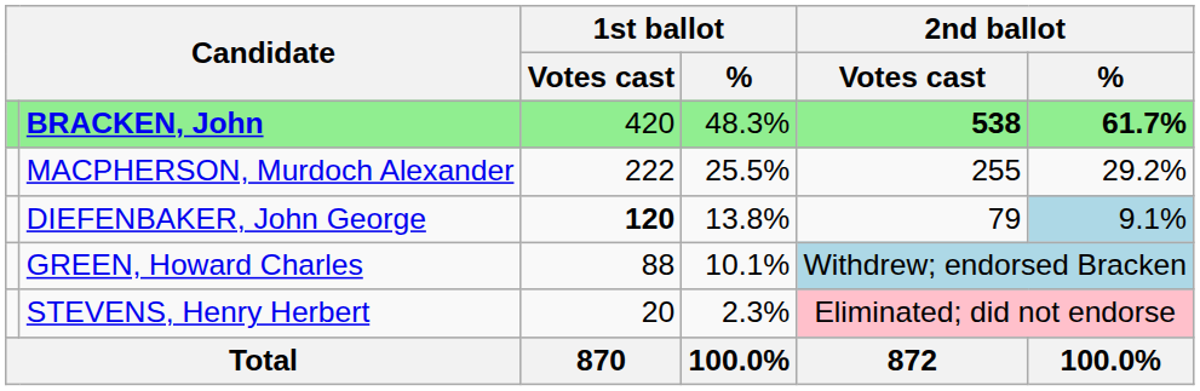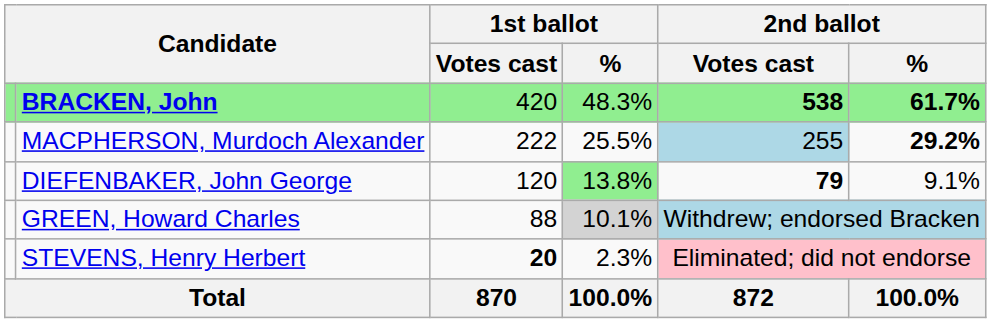 <table class="wikitable">
 <tr>
 <th rowspan="2" colspan="2">Candidate</th>
 <th colspan="2">1st ballot</th>
 <th colspan="2">2nd ballot</th>
 </tr>
 <tr>
 <th>Votes cast</th>
 <th>%</th>
 <th>Votes cast</th>
 <th>%</th>
 </tr>
 <tr style="background:lightgreen;">
 <td></td>
 <td><strong><a href='#'>BRACKEN, John</a></strong></td>
 <td align="right">420</td>
 <td align="right">48.3%</td>
 <td align="right"><strong>538</strong></td>
 <td align="right"><strong>61.7%</strong></td>
 </tr>
 <tr>
 <td></td>
 <td><a href='#'>MACPHERSON, Murdoch Alexander</a></td>
 <td align="right">222</td>
 <td align="right">25.5%</td>
-<td align="right">255</td>
-<td align="right">29.2%</td>
+<td align="right" style="background: lightblue;">255</td>
+<td align="right"><strong>29.2%</strong></td>
 </tr>
 <tr>
 <td></td>
 <td><a href='#'>DIEFENBAKER, John George</a></td>
-<td align="right"><strong>120</strong></td>
-<td align="right">13.8%</td>
-<td align="right">79</td>
-<td align="right" style="background: lightblue;">9.1%</td>
+<td align="right">120</td>
+<td align="right" style="background: lightgreen;">13.8%</td>
+<td align="right"><strong>79</strong></td>
+<td align="right">9.1%</td>
 </tr>
 <tr>
 <td></td>
 <td><a href='#'>GREEN, Howard Charles</a></td>
 <td align="right">88</td>
-<td align="right">10.1%</td>
+<td align="right" style="background: lightgrey;">10.1%</td>
 <td style="text-align:center; background:lightblue;" colspan="2">Withdrew; endorsed Bracken</td>
 </tr>
 <tr>
 <td></td>
 <td><a href='#'>STEVENS, Henry Herbert</a></td>
-<td align="right">20</td>
+<td align="right"><strong>20</strong></td>
 <td align="right">2.3%</td>
 <td style="text-align:center; background:pink;" colspan="2">Eliminated; did not endorse</td>
 </tr>
 <tr>
 <th colspan="2">Total</th>
 <th align="right">870</th>
 <th align="right">100.0%</th>
 <th align="right">872</th>
 <th align="right">100.0%</th>
 </tr>
 </table>
